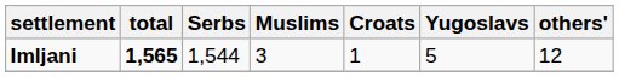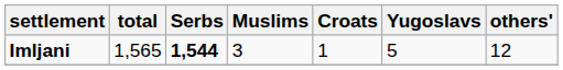 <table class="wikitable" style="font-size:95%;">
 <tr>
 <th>settlement</th>
 <th>total</th>
 <th>Serbs</th>
 <th>Muslims</th>
 <th>Croats</th>
 <th>Yugoslavs</th>
 <th>others'</th>
 </tr>
 <tr>
 <td rowspan="1"><strong>Imljani</strong></td>
-<td><strong>1,565</strong></td>
-<td>1,544</td>
+<td>1,565</td>
+<td><strong>1,544</strong></td>
 <td>3</td>
 <td>1</td>
 <td>5</td>
 <td>12</td>
 </tr>
 <tr>
 </tr>
 </table>
